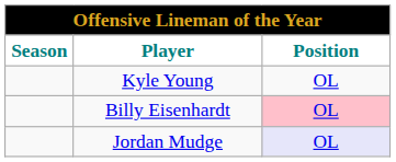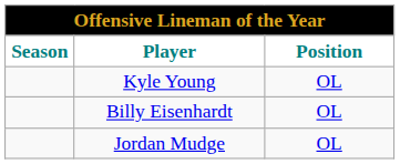 <table class="wikitable sortable" style="text-align:center">
 <tr>
 <td colspan="4" style="background:#000; color:#DAA520;"><strong>Offensive Lineman of the Year</strong></td>
 </tr>
 <tr>
 <th style="width:50px; background:white; color:teal;">Season</th>
 <th style="width:150px; background:white; color:teal;">Player</th>
 <th style="width:100px; background:white; color:teal;">Position</th>
 </tr>
 <tr>
 <td></td>
 <td><a href='#'>Kyle Young</a></td>
 <td><a href='#'>OL</a></td>
 </tr>
 <tr>
 <td></td>
 <td><a href='#'>Billy Eisenhardt</a></td>
-<td style="background: pink;"><a href='#'>OL</a></td>
+<td><a href='#'>OL</a></td>
 </tr>
 <tr>
 <td></td>
 <td><a href='#'>Jordan Mudge</a></td>
-<td style="background: lavender;"><a href='#'>OL</a></td>
+<td><a href='#'>OL</a></td>
 </tr>
 </table>
